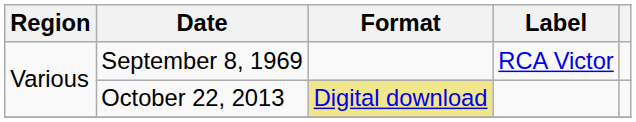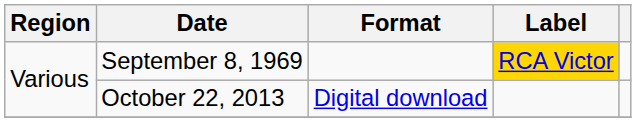 <table class="wikitable plainrowheaders">
 <tr>
 <th scope="col">Region</th>
 <th scope="col">Date</th>
 <th scope="col">Format</th>
 <th scope="col">Label</th>
 <th scope="col"></th>
 </tr>
 <tr>
 <td rowspan = "2">Various</td>
 <td>September 8, 1969</td>
 <td></td>
-<td><a href='#'>RCA Victor</a></td>
+<td style="background: gold;"><a href='#'>RCA Victor</a></td>
 <td></td>
 </tr>
 <tr>
 <td>October 22, 2013</td>
-<td style="background: khaki;"><a href='#'>Digital download</a></td>
+<td><a href='#'>Digital download</a></td>
 <td></td>
 <td></td>
 </tr>
 <tr>
 </tr>
 </table>
